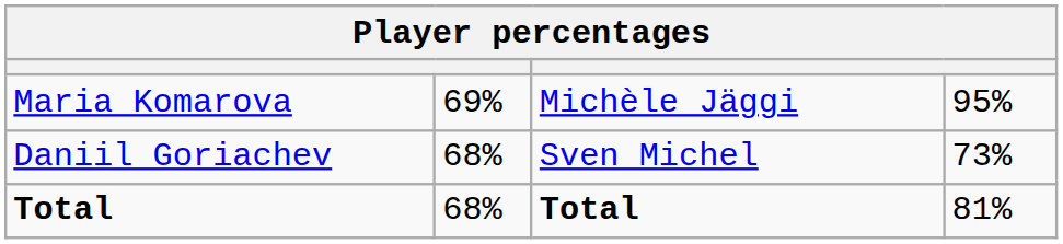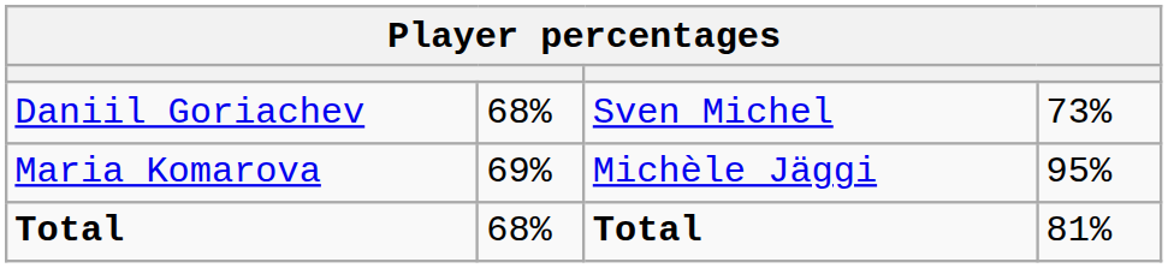 <table class="wikitable">
 <tr>
 <th colspan=4 width=400>Player percentages</th>
 </tr>
 <tr>
 <th colspan=2 width=200 style="white-space:nowrap;"></th>
 <th colspan=2 width=200 style="white-space:nowrap;"></th>
 </tr>
 <tr>
+<td><a href='#'>Daniil Goriachev</a></td>
+<td>68%</td>
+<td><a href='#'>Sven Michel</a></td>
+<td>73%</td>
+</tr>
+<tr>
 <td><a href='#'>Maria Komarova</a></td>
 <td>69%</td>
 <td><a href='#'>Michèle Jäggi</a></td>
 <td>95%</td>
-</tr>
-<tr>
-<td><a href='#'>Daniil Goriachev</a></td>
-<td>68%</td>
-<td><a href='#'>Sven Michel</a></td>
-<td>73%</td>
 </tr>
 <tr>
 <td><strong>Total</strong></td>
 <td>68%</td>
 <td><strong>Total</strong></td>
 <td>81%</td>
 </tr>
 </table>
